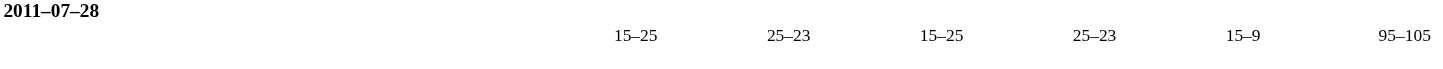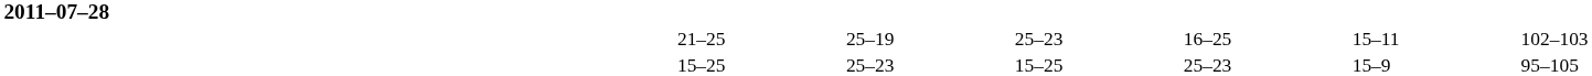 <table width=100% cellspacing=1>
 <tr>
 <th width=15%></th>
 <th width=10%></th>
 <th width=15%></th>
 <th width=10%></th>
 <th width=10%></th>
 <th width=10%></th>
 <th width=10%></th>
 <th width=10%></th>
 <th width=10%></th>
 </tr>
 <tr>
 <td colspan=3><strong>2011–07–28</strong></td>
 </tr>
 <tr style=font-size:90%>
 <td align=right><strong></strong></td>
 <td align=center></td>
 <td></td>
+<td>21–25</td>
+<td>25–19</td>
+<td>25–23</td>
+<td>16–25</td>
+<td>15–11</td>
+<td>102–103</td>
+</tr>
+<tr style=font-size:90%>
+<td align=right><strong></strong></td>
+<td align=center></td>
+<td></td>
 <td>15–25</td>
 <td>25–23</td>
 <td>15–25</td>
 <td>25–23</td>
 <td>15–9</td>
 <td>95–105</td>
 </tr>
 </table>
